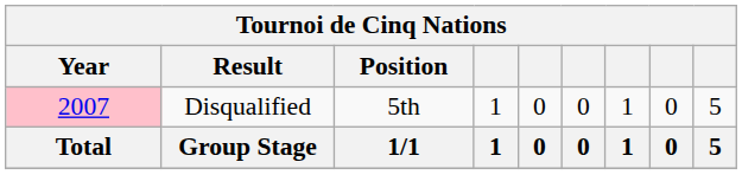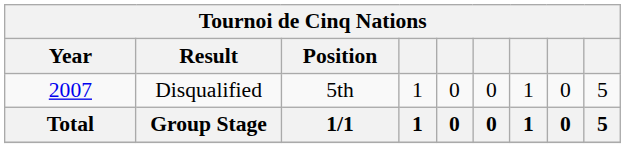 <table class="wikitable" style="text-align:center;">
 <tr>
 <th colspan="9">Tournoi de Cinq Nations</th>
 </tr>
 <tr>
 <th style="width:90px;">Year</th>
 <th style="width:100px;">Result</th>
 <th style="width:80px;">Position</th>
 <th style="width:20px;"></th>
 <th style="width:20px;"></th>
 <th style="width:20px;"></th>
 <th style="width:20px;"></th>
 <th style="width:20px;"></th>
 <th style="width:20px;"></th>
 </tr>
 <tr>
-<td style="background: pink;"> <a href='#'>2007</a></td>
+<td> <a href='#'>2007</a></td>
 <td>Disqualified</td>
 <td>5th</td>
 <td>1</td>
 <td>0</td>
 <td>0</td>
 <td>1</td>
 <td>0</td>
 <td>5</td>
 </tr>
 <tr>
 <th>Total</th>
 <th>Group Stage</th>
 <th>1/1</th>
 <th>1</th>
 <th>0</th>
 <th>0</th>
 <th>1</th>
 <th>0</th>
 <th>5</th>
 </tr>
 <tr>
 </tr>
 </table>
